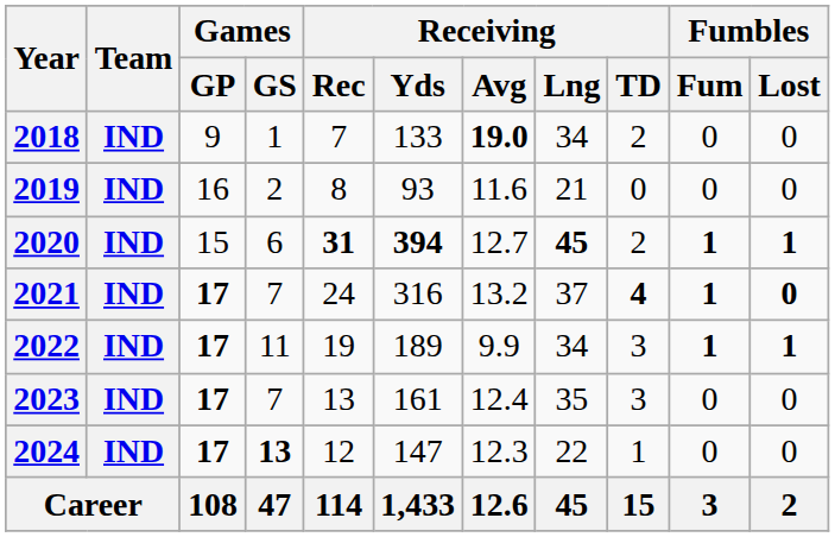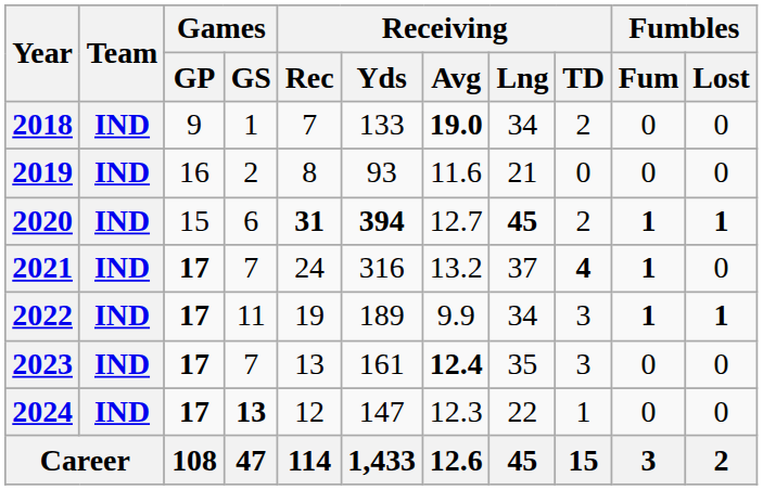 <table class="wikitable" style="text-align:center;">
 <tr>
 <th rowspan="2">Year</th>
 <th rowspan="2">Team</th>
 <th colspan="2">Games</th>
 <th colspan="5">Receiving</th>
 <th colspan="2">Fumbles</th>
 </tr>
 <tr>
 <th>GP</th>
 <th>GS</th>
 <th>Rec</th>
 <th>Yds</th>
 <th>Avg</th>
 <th>Lng</th>
 <th>TD</th>
 <th>Fum</th>
 <th>Lost</th>
 </tr>
 <tr>
 <th><a href='#'>2018</a></th>
 <th><a href='#'>IND</a></th>
 <td>9</td>
 <td>1</td>
 <td>7</td>
 <td>133</td>
 <td><strong>19.0</strong></td>
 <td>34</td>
 <td>2</td>
 <td>0</td>
 <td>0</td>
 </tr>
 <tr>
 <th><a href='#'>2019</a></th>
 <th><a href='#'>IND</a></th>
 <td>16</td>
 <td>2</td>
 <td>8</td>
 <td>93</td>
 <td>11.6</td>
 <td>21</td>
 <td>0</td>
 <td>0</td>
 <td>0</td>
 </tr>
 <tr>
 <th><a href='#'>2020</a></th>
 <th><a href='#'>IND</a></th>
 <td>15</td>
 <td>6</td>
 <td><strong>31</strong></td>
 <td><strong>394</strong></td>
 <td>12.7</td>
 <td><strong>45</strong></td>
 <td>2</td>
 <td><strong>1</strong></td>
 <td><strong>1</strong></td>
 </tr>
 <tr>
 <th><a href='#'>2021</a></th>
 <th><a href='#'>IND</a></th>
 <td><strong>17</strong></td>
 <td>7</td>
 <td>24</td>
 <td>316</td>
 <td>13.2</td>
 <td>37</td>
 <td><strong>4</strong></td>
 <td><strong>1</strong></td>
-<td><strong>0</strong></td>
+<td>0</td>
 </tr>
 <tr>
 <th><a href='#'>2022</a></th>
 <th><a href='#'>IND</a></th>
 <td><strong>17</strong></td>
 <td>11</td>
 <td>19</td>
 <td>189</td>
 <td>9.9</td>
 <td>34</td>
 <td>3</td>
 <td><strong>1</strong></td>
 <td><strong>1</strong></td>
 </tr>
 <tr>
 <th><a href='#'>2023</a></th>
 <th><a href='#'>IND</a></th>
 <td><strong>17</strong></td>
 <td>7</td>
 <td>13</td>
 <td>161</td>
-<td>12.4</td>
+<td><strong>12.4</strong></td>
 <td>35</td>
 <td>3</td>
 <td>0</td>
 <td>0</td>
 </tr>
 <tr>
 <th><a href='#'>2024</a></th>
 <th><a href='#'>IND</a></th>
 <td><strong>17</strong></td>
 <td><strong>13</strong></td>
 <td>12</td>
 <td>147</td>
 <td>12.3</td>
 <td>22</td>
 <td>1</td>
 <td>0</td>
 <td>0</td>
 </tr>
 <tr>
 <th colspan="2">Career</th>
 <th>108</th>
 <th>47</th>
 <th>114</th>
 <th>1,433</th>
 <th>12.6</th>
 <th>45</th>
 <th>15</th>
 <th>3</th>
 <th>2</th>
 </tr>
 </table>
